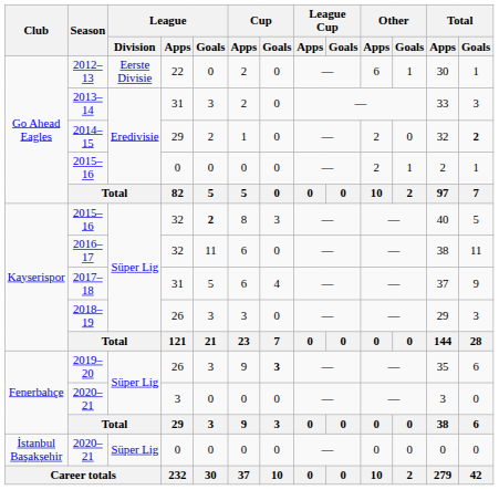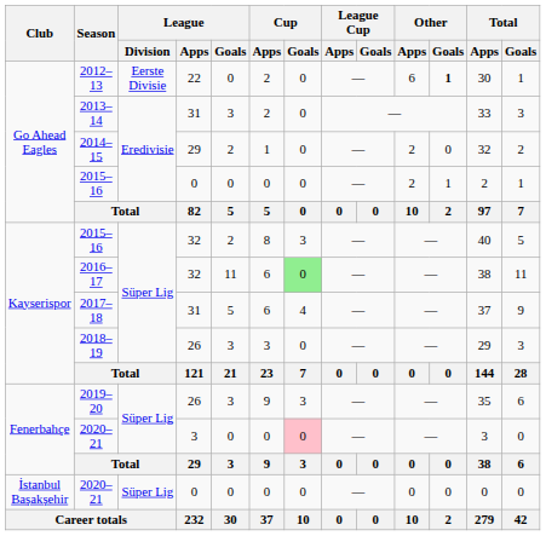 <table class="wikitable" style="text-align: center">
 <tr>
 <th rowspan="2">Club</th>
 <th rowspan="2">Season</th>
 <th colspan=3>League</th>
 <th colspan="2">Cup</th>
 <th colspan="2">League Cup</th>
 <th colspan="2">Other</th>
 <th colspan="2">Total</th>
 </tr>
 <tr>
 <th>Division</th>
 <th>Apps</th>
 <th>Goals</th>
 <th>Apps</th>
 <th>Goals</th>
 <th>Apps</th>
 <th>Goals</th>
 <th>Apps</th>
 <th>Goals</th>
 <th>Apps</th>
 <th>Goals</th>
 </tr>
 <tr>
 <td rowspan=5><a href='#'>Go Ahead Eagles</a></td>
 <td><a href='#'>2012–13</a></td>
 <td><a href='#'>Eerste Divisie</a></td>
 <td>22</td>
 <td>0</td>
 <td>2</td>
 <td>0</td>
 <td colspan="2">—</td>
 <td>6</td>
-<td>1</td>
+<td><strong>1</strong></td>
 <td>30</td>
 <td>1</td>
 </tr>
 <tr>
 <td><a href='#'>2013–14</a></td>
 <td rowspan=3><a href='#'>Eredivisie</a></td>
 <td>31</td>
 <td>3</td>
 <td>2</td>
 <td>0</td>
 <td colspan=4>—</td>
 <td>33</td>
 <td>3</td>
 </tr>
 <tr>
 <td><a href='#'>2014–15</a></td>
 <td>29</td>
 <td>2</td>
 <td>1</td>
 <td>0</td>
 <td colspan="2">—</td>
 <td>2</td>
 <td>0</td>
 <td>32</td>
-<td><strong>2</strong></td>
+<td>2</td>
 </tr>
 <tr>
 <td><a href='#'>2015–16</a></td>
 <td>0</td>
 <td>0</td>
 <td>0</td>
 <td>0</td>
 <td colspan="2">—</td>
 <td>2</td>
 <td>1</td>
 <td>2</td>
 <td>1</td>
 </tr>
 <tr>
 <th colspan="2">Total</th>
 <th>82</th>
 <th>5</th>
 <th>5</th>
 <th>0</th>
 <th>0</th>
 <th>0</th>
 <th>10</th>
 <th>2</th>
 <th>97</th>
 <th>7</th>
 </tr>
 <tr>
 <td rowspan="5"><a href='#'>Kayserispor</a></td>
 <td><a href='#'>2015–16</a></td>
 <td rowspan="4"><a href='#'>Süper Lig</a></td>
 <td>32</td>
-<td><strong>2</strong></td>
+<td>2</td>
 <td>8</td>
 <td>3</td>
 <td colspan="2">—</td>
 <td colspan="2">—</td>
 <td>40</td>
 <td>5</td>
 </tr>
 <tr>
 <td><a href='#'>2016–17</a></td>
 <td>32</td>
 <td>11</td>
 <td>6</td>
-<td>0</td>
+<td style="background: lightgreen;">0</td>
 <td colspan="2">—</td>
 <td colspan="2">—</td>
 <td>38</td>
 <td>11</td>
 </tr>
 <tr>
 <td><a href='#'>2017–18</a></td>
 <td>31</td>
 <td>5</td>
 <td>6</td>
 <td>4</td>
 <td colspan="2">—</td>
 <td colspan="2">—</td>
 <td>37</td>
 <td>9</td>
 </tr>
 <tr>
 <td><a href='#'>2018–19</a></td>
 <td>26</td>
 <td>3</td>
 <td>3</td>
 <td>0</td>
 <td colspan="2">—</td>
 <td colspan="2">—</td>
 <td>29</td>
 <td>3</td>
 </tr>
 <tr>
 <th colspan="2">Total</th>
 <th>121</th>
 <th>21</th>
 <th>23</th>
 <th>7</th>
 <th>0</th>
 <th>0</th>
 <th>0</th>
 <th>0</th>
 <th>144</th>
 <th>28</th>
 </tr>
 <tr>
 <td rowspan="3"><a href='#'>Fenerbahçe</a></td>
 <td><a href='#'>2019–20</a></td>
 <td rowspan="2"><a href='#'>Süper Lig</a></td>
 <td>26</td>
 <td>3</td>
 <td>9</td>
-<td><strong>3</strong></td>
+<td>3</td>
 <td colspan="2">—</td>
 <td colspan="2">—</td>
 <td>35</td>
 <td>6</td>
 </tr>
 <tr>
 <td><a href='#'>2020–21</a></td>
 <td>3</td>
 <td>0</td>
 <td>0</td>
-<td>0</td>
+<td style="background: pink;">0</td>
 <td colspan="2">—</td>
 <td colspan="2">—</td>
 <td>3</td>
 <td>0</td>
 </tr>
 <tr>
 <th colspan="2">Total</th>
 <th>29</th>
 <th>3</th>
 <th>9</th>
 <th>3</th>
 <th>0</th>
 <th>0</th>
 <th>0</th>
 <th>0</th>
 <th>38</th>
 <th>6</th>
 </tr>
 <tr>
 <td rowspan="1"><a href='#'>İstanbul Başakşehir</a></td>
 <td><a href='#'>2020–21</a></td>
 <td rowspan="1"><a href='#'>Süper Lig</a></td>
 <td>0</td>
 <td>0</td>
 <td>0</td>
 <td>0</td>
 <td colspan="2">—</td>
 <td>0</td>
 <td>0</td>
 <td>0</td>
 <td>0</td>
 </tr>
 <tr>
 <th colspan="3">Career totals</th>
 <th>232</th>
 <th>30</th>
 <th>37</th>
 <th>10</th>
 <th>0</th>
 <th>0</th>
 <th>10</th>
 <th>2</th>
 <th>279</th>
 <th>42</th>
 </tr>
 </table>
